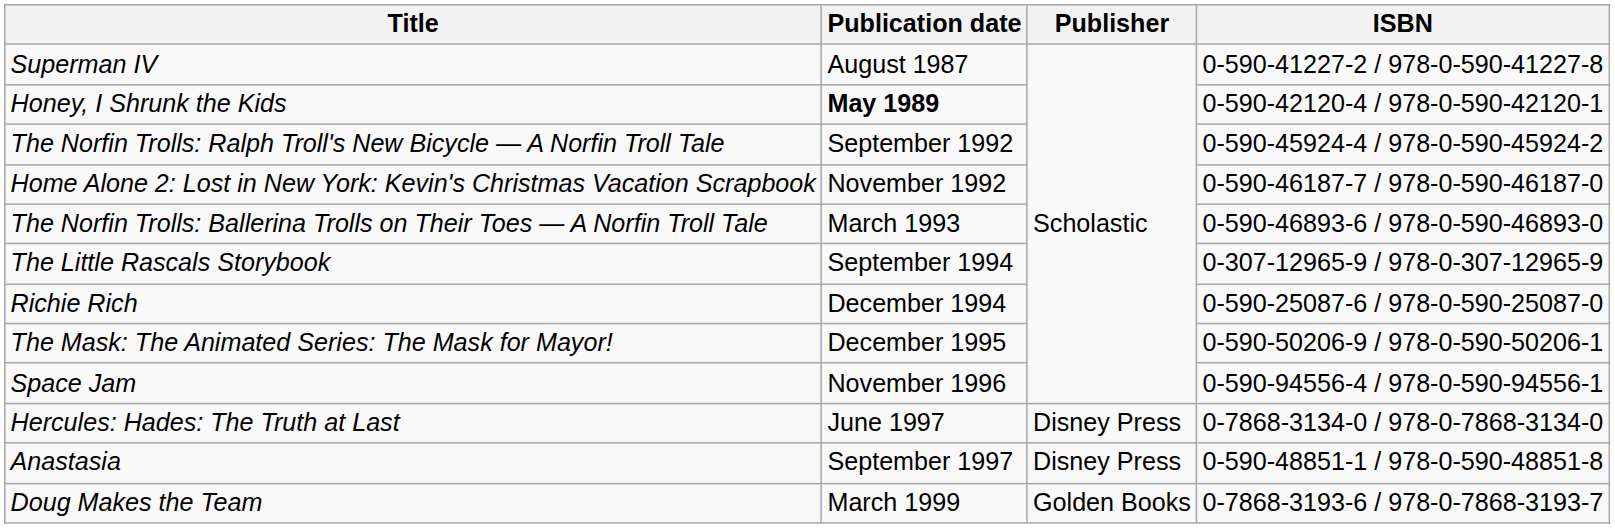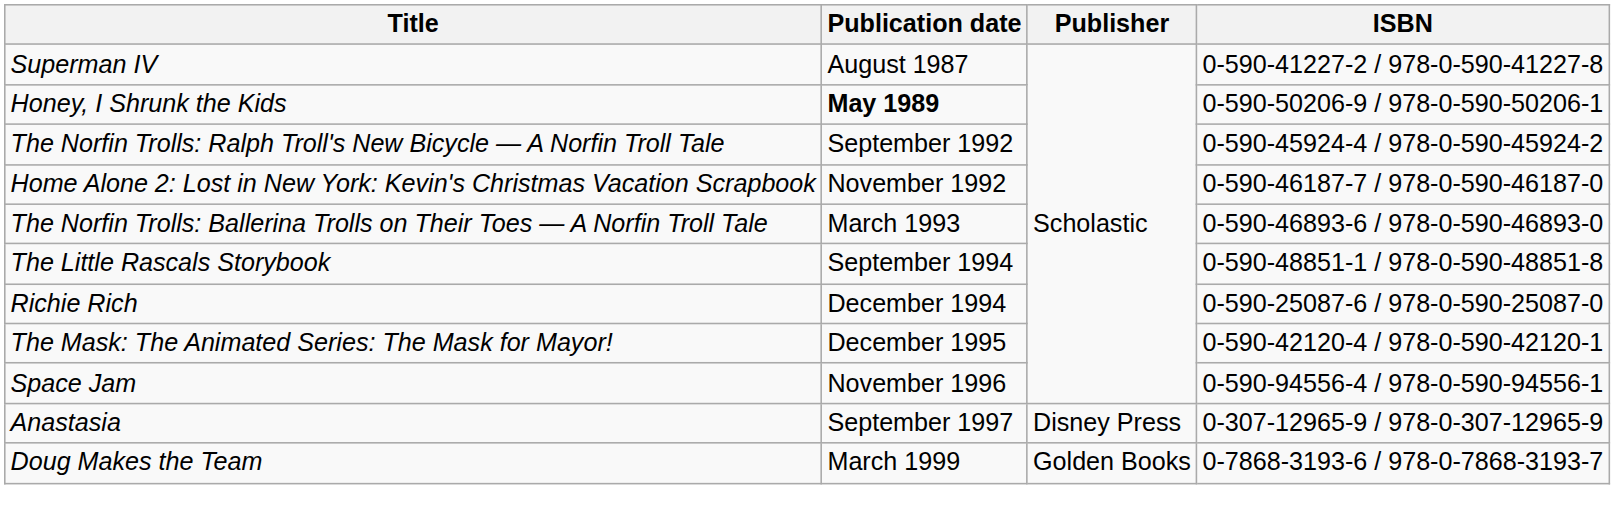 <table class="wikitable sortable">
 <tr>
 <th>Title</th>
 <th>Publication date</th>
 <th>Publisher</th>
 <th>ISBN</th>
 </tr>
 <tr>
 <td><em>Superman IV</em></td>
 <td>August 1987</td>
 <td rowspan=9>Scholastic</td>
 <td>0-590-41227-2 / 978-0-590-41227-8</td>
 </tr>
 <tr>
 <td><em>Honey, I Shrunk the Kids</em></td>
 <td><strong>May 1989</strong></td>
-<td>0-590-42120-4 / 978-0-590-42120-1</td>
+<td>0-590-50206-9 / 978-0-590-50206-1</td>
 </tr>
 <tr>
 <td><em>The Norfin Trolls: Ralph Troll's New Bicycle — A Norfin Troll Tale</em></td>
 <td>September 1992</td>
 <td>0-590-45924-4 / 978-0-590-45924-2</td>
 </tr>
 <tr>
 <td><em>Home Alone 2: Lost in New York: Kevin's Christmas Vacation Scrapbook</em></td>
 <td>November 1992</td>
 <td>0-590-46187-7 / 978-0-590-46187-0</td>
 </tr>
 <tr>
 <td><em>The Norfin Trolls: Ballerina Trolls on Their Toes — A Norfin Troll Tale</em></td>
 <td>March 1993</td>
 <td>0-590-46893-6 / 978-0-590-46893-0</td>
 </tr>
 <tr>
 <td><em>The Little Rascals Storybook</em></td>
 <td>September 1994</td>
-<td>0-307-12965-9 / 978-0-307-12965-9</td>
+<td>0-590-48851-1 / 978-0-590-48851-8</td>
 </tr>
 <tr>
 <td><em>Richie Rich</em></td>
 <td>December 1994</td>
 <td>0-590-25087-6 / 978-0-590-25087-0</td>
 </tr>
 <tr>
 <td><em>The Mask: The Animated Series: The Mask for Mayor!</em></td>
 <td>December 1995</td>
-<td>0-590-50206-9 / 978-0-590-50206-1</td>
+<td>0-590-42120-4 / 978-0-590-42120-1</td>
 </tr>
 <tr>
 <td><em>Space Jam</em></td>
 <td>November 1996</td>
 <td>0-590-94556-4 / 978-0-590-94556-1</td>
 </tr>
 <tr>
-<td><em>Hercules: Hades: The Truth at Last</em></td>
-<td>June 1997</td>
-<td>Disney Press</td>
-<td>0-7868-3134-0 / 978-0-7868-3134-0</td>
-</tr>
-<tr>
 <td><em>Anastasia</em></td>
 <td>September 1997</td>
 <td>Disney Press</td>
-<td>0-590-48851-1 / 978-0-590-48851-8</td>
+<td>0-307-12965-9 / 978-0-307-12965-9</td>
 </tr>
 <tr>
 <td><em>Doug Makes the Team</em></td>
 <td>March 1999</td>
 <td>Golden Books</td>
 <td>0-7868-3193-6 / 978-0-7868-3193-7</td>
 </tr>
 </table>
